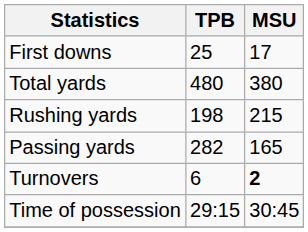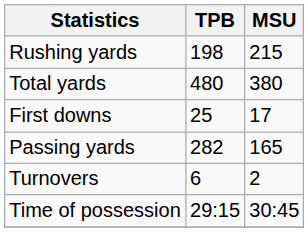 <table class="wikitable" style="float: left;">
 <tr>
 <th>Statistics</th>
 <th>TPB</th>
 <th>MSU</th>
 </tr>
 <tr>
-<td>First downs</td>
-<td>25</td>
-<td>17</td>
+<td>Rushing yards</td>
+<td>198</td>
+<td>215</td>
 </tr>
 <tr>
 <td>Total yards</td>
 <td>480</td>
 <td>380</td>
 </tr>
 <tr>
-<td>Rushing yards</td>
-<td>198</td>
-<td>215</td>
+<td>First downs</td>
+<td>25</td>
+<td>17</td>
 </tr>
 <tr>
 <td>Passing yards</td>
 <td>282</td>
 <td>165</td>
 </tr>
 <tr>
 <td>Turnovers</td>
 <td>6</td>
-<td><strong>2</strong></td>
+<td>2</td>
 </tr>
 <tr>
 <td>Time of possession</td>
 <td>29:15</td>
 <td>30:45</td>
 </tr>
 <tr>
 </tr>
 </table>
